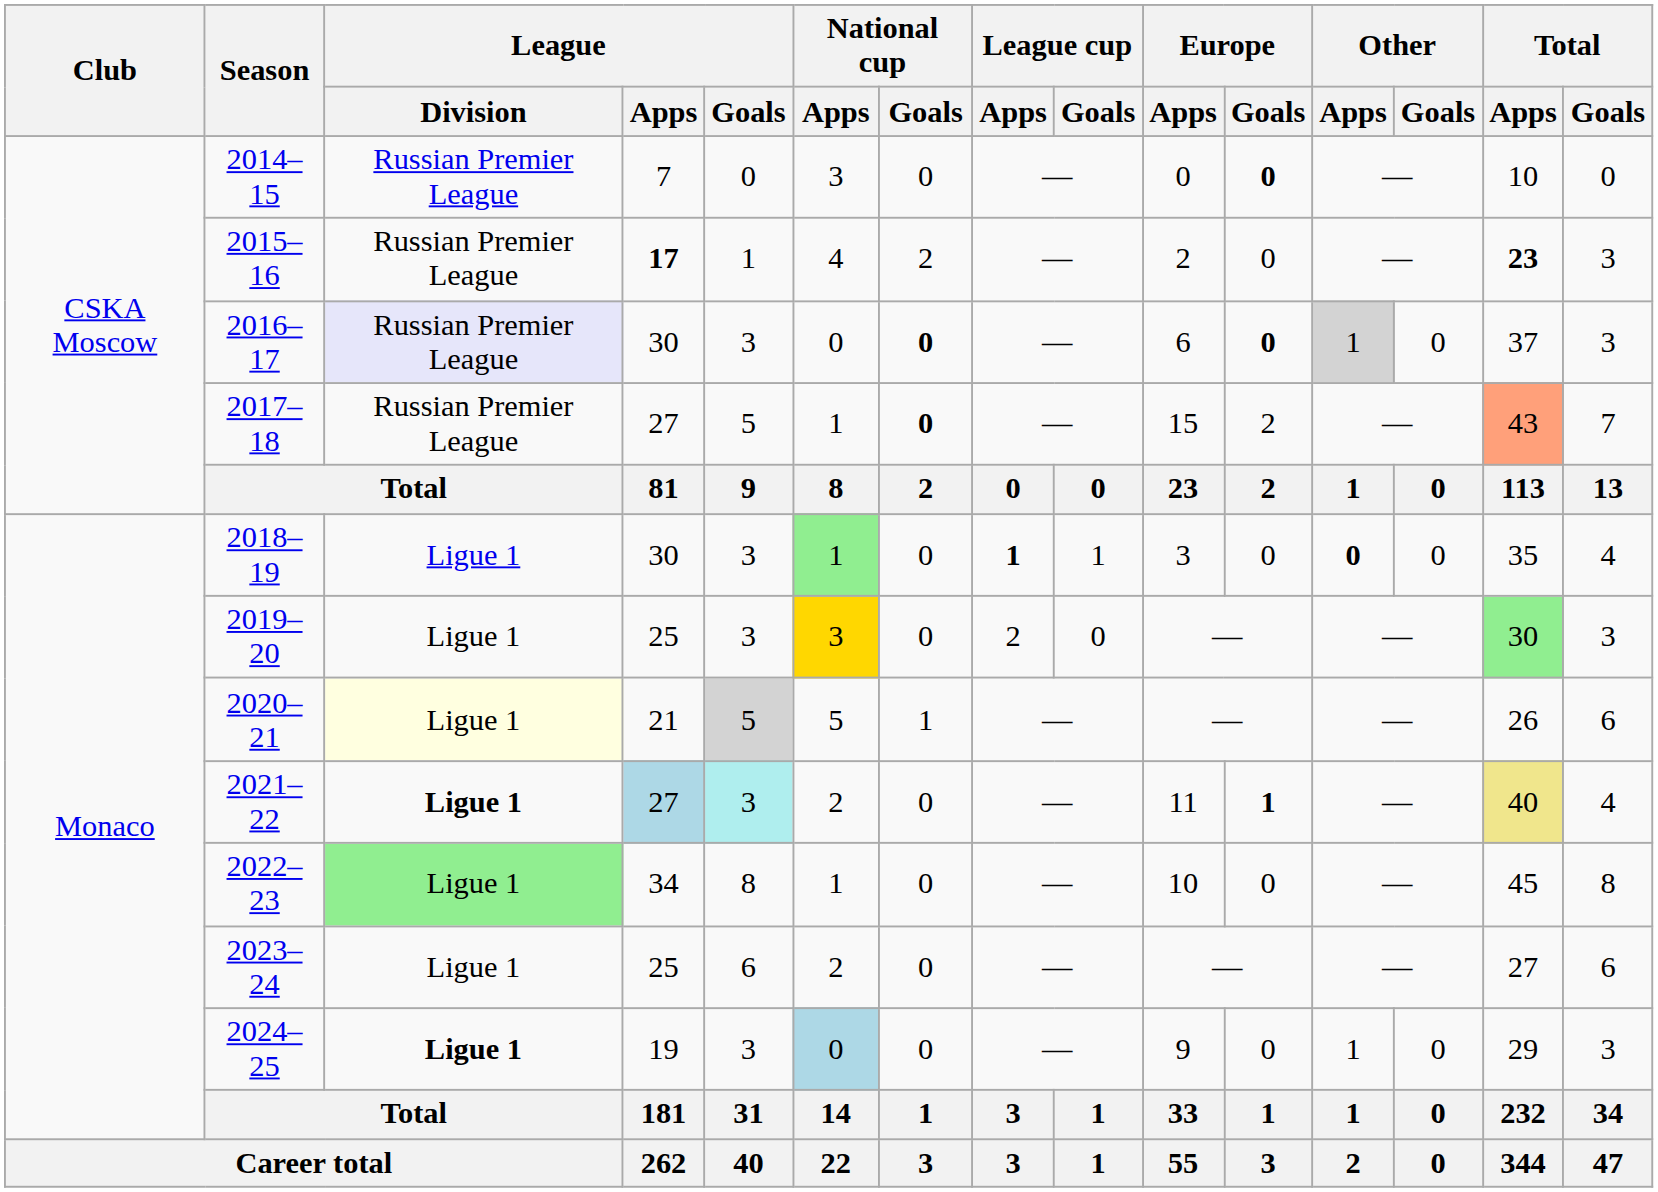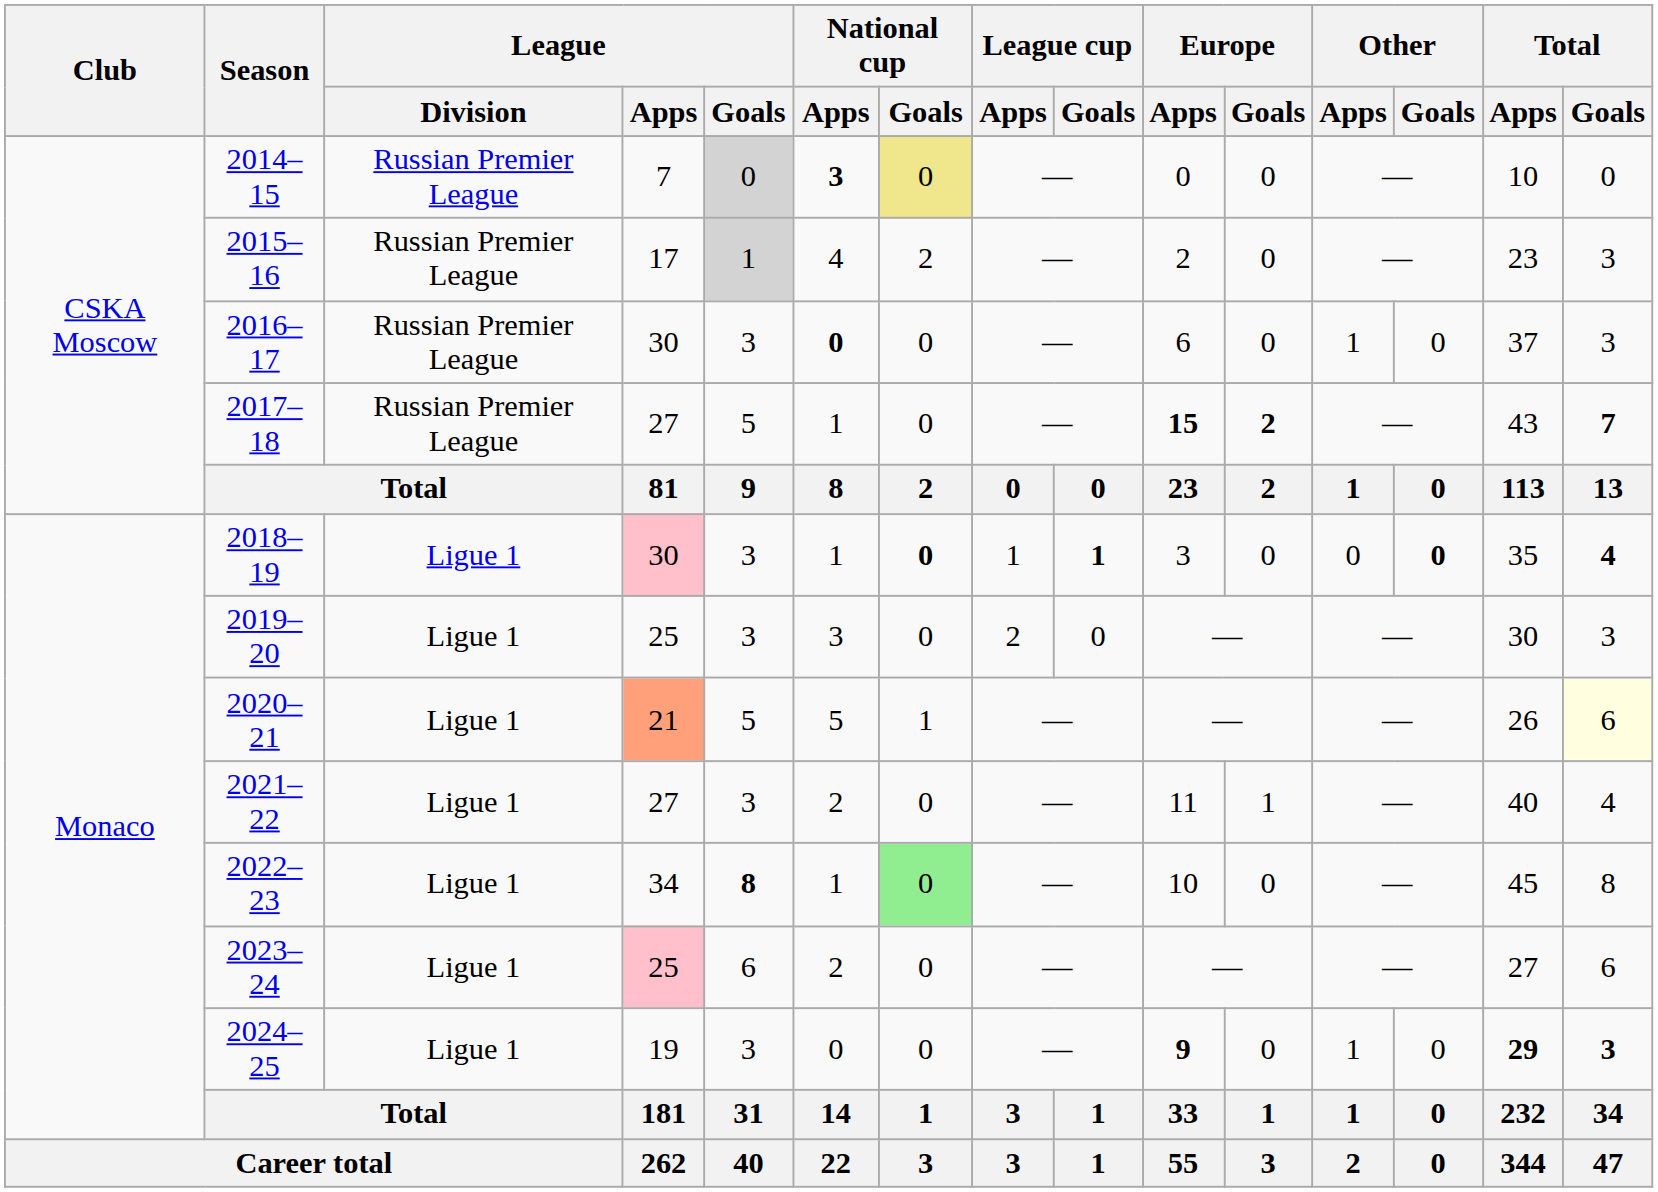 <table class="wikitable" style="text-align: center">
 <tr>
 <th rowspan="2">Club</th>
 <th rowspan="2">Season</th>
 <th colspan="3">League</th>
 <th colspan="2">National cup</th>
 <th colspan="2">League cup</th>
 <th colspan="2">Europe</th>
 <th colspan="2">Other</th>
 <th colspan="2">Total</th>
 </tr>
 <tr>
 <th>Division</th>
 <th>Apps</th>
 <th>Goals</th>
 <th>Apps</th>
 <th>Goals</th>
 <th>Apps</th>
 <th>Goals</th>
 <th>Apps</th>
 <th>Goals</th>
 <th>Apps</th>
 <th>Goals</th>
 <th>Apps</th>
 <th>Goals</th>
 </tr>
 <tr>
 <td rowspan="5"><a href='#'>CSKA Moscow</a></td>
 <td><a href='#'>2014–15</a></td>
 <td><a href='#'>Russian Premier League</a></td>
 <td>7</td>
-<td>0</td>
-<td>3</td>
-<td>0</td>
+<td style="background: lightgrey;">0</td>
+<td><strong>3</strong></td>
+<td style="background: khaki;">0</td>
 <td colspan="2">—</td>
 <td>0</td>
-<td><strong>0</strong></td>
+<td>0</td>
 <td colspan="2">—</td>
 <td>10</td>
 <td>0</td>
 </tr>
 <tr>
 <td><a href='#'>2015–16</a></td>
 <td>Russian Premier League</td>
-<td><strong>17</strong></td>
-<td>1</td>
+<td>17</td>
+<td style="background: lightgrey;">1</td>
 <td>4</td>
 <td>2</td>
 <td colspan="2">—</td>
 <td>2</td>
 <td>0</td>
 <td colspan="2">—</td>
-<td><strong>23</strong></td>
+<td>23</td>
 <td>3</td>
 </tr>
 <tr>
 <td><a href='#'>2016–17</a></td>
-<td style="background: lavender;">Russian Premier League</td>
+<td>Russian Premier League</td>
 <td>30</td>
 <td>3</td>
+<td><strong>0</strong></td>
 <td>0</td>
-<td><strong>0</strong></td>
 <td colspan="2">—</td>
 <td>6</td>
-<td><strong>0</strong></td>
-<td style="background: lightgrey;">1</td>
+<td>0</td>
+<td>1</td>
 <td>0</td>
 <td>37</td>
 <td>3</td>
 </tr>
 <tr>
 <td><a href='#'>2017–18</a></td>
 <td>Russian Premier League</td>
 <td>27</td>
 <td>5</td>
 <td>1</td>
-<td><strong>0</strong></td>
+<td>0</td>
 <td colspan="2">—</td>
-<td>15</td>
-<td>2</td>
+<td><strong>15</strong></td>
+<td><strong>2</strong></td>
 <td colspan="2">—</td>
-<td style="background: lightsalmon;">43</td>
-<td>7</td>
+<td>43</td>
+<td><strong>7</strong></td>
 </tr>
 <tr>
 <th colspan="2">Total</th>
 <th>81</th>
 <th>9</th>
 <th>8</th>
 <th>2</th>
 <th>0</th>
 <th>0</th>
 <th>23</th>
 <th>2</th>
 <th>1</th>
 <th>0</th>
 <th>113</th>
 <th>13</th>
 </tr>
 <tr>
 <td rowspan="8"><a href='#'>Monaco</a></td>
 <td><a href='#'>2018–19</a></td>
 <td><a href='#'>Ligue 1</a></td>
-<td>30</td>
+<td style="background: pink;">30</td>
 <td>3</td>
-<td style="background: lightgreen;">1</td>
-<td>0</td>
+<td>1</td>
+<td><strong>0</strong></td>
+<td>1</td>
 <td><strong>1</strong></td>
-<td>1</td>
 <td>3</td>
 <td>0</td>
+<td>0</td>
 <td><strong>0</strong></td>
-<td>0</td>
 <td>35</td>
-<td>4</td>
+<td><strong>4</strong></td>
 </tr>
 <tr>
 <td><a href='#'>2019–20</a></td>
 <td>Ligue 1</td>
 <td>25</td>
 <td>3</td>
-<td style="background: gold;">3</td>
+<td>3</td>
 <td>0</td>
 <td>2</td>
 <td>0</td>
 <td colspan="2">—</td>
 <td colspan="2">—</td>
-<td style="background: lightgreen;">30</td>
+<td>30</td>
 <td>3</td>
 </tr>
 <tr>
 <td><a href='#'>2020–21</a></td>
-<td style="background: lightyellow;">Ligue 1</td>
-<td>21</td>
-<td style="background: lightgrey;">5</td>
+<td>Ligue 1</td>
+<td style="background: lightsalmon;">21</td>
+<td>5</td>
 <td>5</td>
 <td>1</td>
 <td colspan="2">—</td>
 <td colspan="2">—</td>
 <td colspan="2">—</td>
 <td>26</td>
-<td>6</td>
+<td style="background: lightyellow;">6</td>
 </tr>
 <tr>
 <td><a href='#'>2021–22</a></td>
-<td><strong>Ligue 1</strong></td>
-<td style="background: lightblue;">27</td>
-<td style="background: paleturquoise;">3</td>
+<td>Ligue 1</td>
+<td>27</td>
+<td>3</td>
 <td>2</td>
 <td>0</td>
 <td colspan="2">—</td>
 <td>11</td>
-<td><strong>1</strong></td>
+<td>1</td>
 <td colspan="2">—</td>
-<td style="background: khaki;">40</td>
+<td>40</td>
 <td>4</td>
 </tr>
 <tr>
 <td><a href='#'>2022–23</a></td>
-<td style="background: lightgreen;">Ligue 1</td>
+<td>Ligue 1</td>
 <td>34</td>
-<td>8</td>
+<td><strong>8</strong></td>
 <td>1</td>
-<td>0</td>
+<td style="background: lightgreen;">0</td>
 <td colspan="2">—</td>
 <td>10</td>
 <td>0</td>
 <td colspan="2">—</td>
 <td>45</td>
 <td>8</td>
 </tr>
 <tr>
 <td><a href='#'>2023–24</a></td>
 <td>Ligue 1</td>
-<td>25</td>
+<td style="background: pink;">25</td>
 <td>6</td>
 <td>2</td>
 <td>0</td>
 <td colspan="2">—</td>
 <td colspan="2">—</td>
 <td colspan="2">—</td>
 <td>27</td>
 <td>6</td>
 </tr>
 <tr>
 <td><a href='#'>2024–25</a></td>
-<td><strong>Ligue 1</strong></td>
+<td>Ligue 1</td>
 <td>19</td>
 <td>3</td>
-<td style="background: lightblue;">0</td>
+<td>0</td>
 <td>0</td>
 <td colspan="2">—</td>
-<td>9</td>
+<td><strong>9</strong></td>
 <td>0</td>
 <td>1</td>
 <td>0</td>
-<td>29</td>
-<td>3</td>
+<td><strong>29</strong></td>
+<td><strong>3</strong></td>
 </tr>
 <tr>
 <th colspan="2">Total</th>
 <th>181</th>
 <th>31</th>
 <th>14</th>
 <th>1</th>
 <th>3</th>
 <th>1</th>
 <th>33</th>
 <th>1</th>
 <th>1</th>
 <th>0</th>
 <th>232</th>
 <th>34</th>
 </tr>
 <tr>
 <th colspan="3">Career total</th>
 <th>262</th>
 <th>40</th>
 <th>22</th>
 <th>3</th>
 <th>3</th>
 <th>1</th>
 <th>55</th>
 <th>3</th>
 <th>2</th>
 <th>0</th>
 <th>344</th>
 <th>47</th>
 </tr>
 </table>
